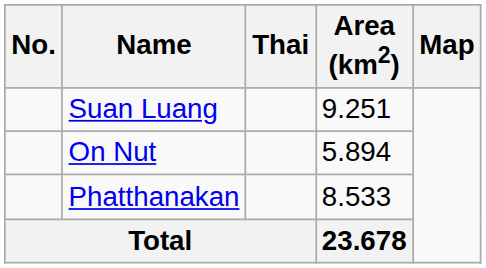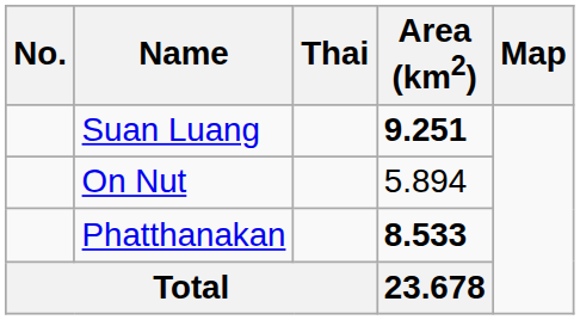 <table class="wikitable sortable">
 <tr>
 <th>No.</th>
 <th>Name</th>
 <th>Thai</th>
 <th>Area<br>(km<sup>2</sup>)</th>
 <th>Map</th>
 </tr>
 <tr>
 <td></td>
 <td><a href='#'>Suan Luang</a></td>
 <td></td>
-<td><div>9.251</div></td>
+<td><strong><div>9.251</div></strong></td>
 <td rowspan=4></td>
 </tr>
 <tr>
 <td></td>
 <td><a href='#'>On Nut</a></td>
 <td></td>
 <td><div>5.894</div></td>
 </tr>
 <tr>
 <td></td>
 <td><a href='#'>Phatthanakan</a></td>
 <td></td>
-<td><div>8.533</div></td>
+<td><strong><div>8.533</div></strong></td>
 </tr>
 <tr>
 <th colspan=3>Total</th>
 <th><div>23.678</div></th>
 </tr>
 </table>
